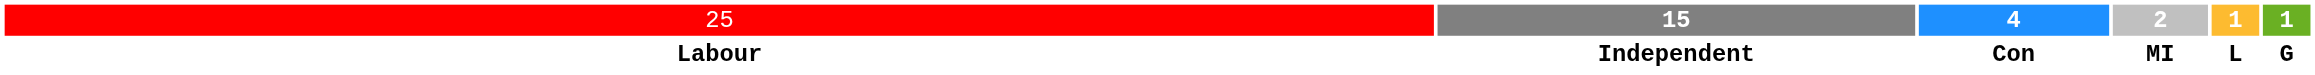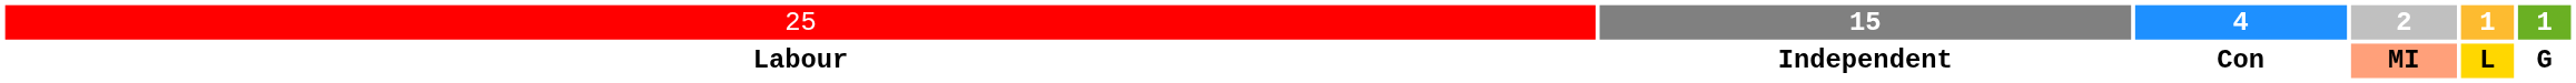 <table style="width:100%; text-align:center;">
 <tr style="color:white;">
 <td style="background:red; width:62.50%;">25</td>
 <td style="background:grey; width:20.83%;"><strong>15</strong></td>
 <td style="background:dodgerblue; width:8.34%;"><strong>4</strong></td>
 <td style="background:silver; width:4.17%;"><strong>2</strong></td>
 <td style="background:#FDBB30; width:2.08%;"><strong>1</strong></td>
 <td style="background:#6AB023; width:2.08%;"><strong>1</strong></td>
 </tr>
 <tr>
 <td><span><strong>Labour</strong></span></td>
 <td><span><strong>Independent</strong></span></td>
 <td><span><strong>Con</strong></span></td>
-<td><span><strong>MI</strong></span></td>
-<td><span><strong>L</strong></span></td>
+<td style="background: lightsalmon;"><span><strong>MI</strong></span></td>
+<td style="background: gold;"><span><strong>L</strong></span></td>
 <td><span><strong>G</strong></span></td>
 </tr>
 </table>
